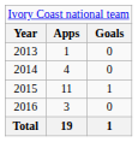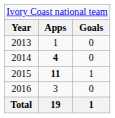 <table class="wikitable" style="text-align:center">
 <tr>
 <td colspan="3"><a href='#'>Ivory Coast national team</a></td>
 </tr>
 <tr>
 <th>Year</th>
 <th>Apps</th>
 <th>Goals</th>
 </tr>
 <tr>
 <td>2013</td>
 <td>1</td>
 <td>0</td>
 </tr>
 <tr>
 <td>2014</td>
-<td>4</td>
+<td><strong>4</strong></td>
 <td>0</td>
 </tr>
 <tr>
 <td>2015</td>
-<td>11</td>
+<td><strong>11</strong></td>
 <td>1</td>
 </tr>
 <tr>
 <td>2016</td>
 <td>3</td>
 <td>0</td>
 </tr>
 <tr>
 <th>Total</th>
 <th>19</th>
 <th>1</th>
 </tr>
 </table>
